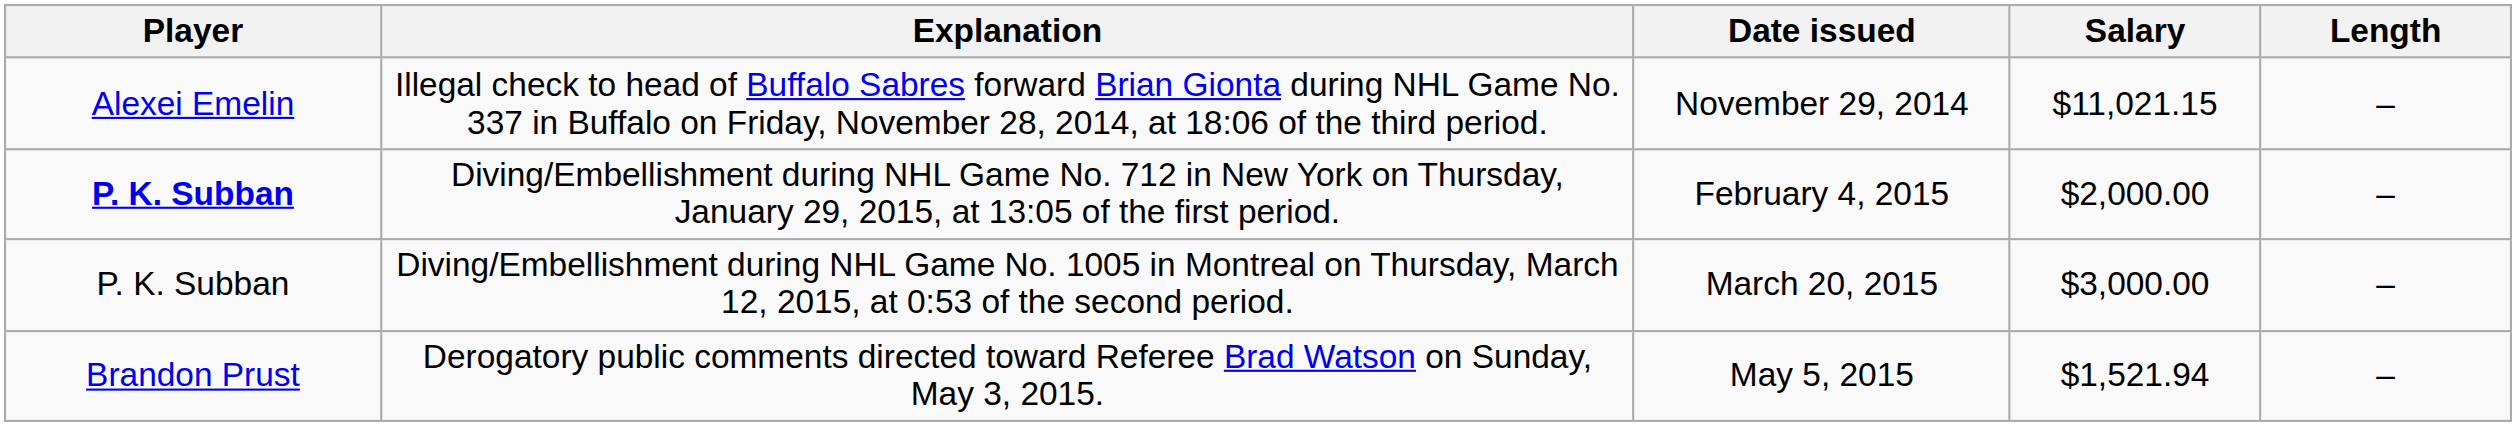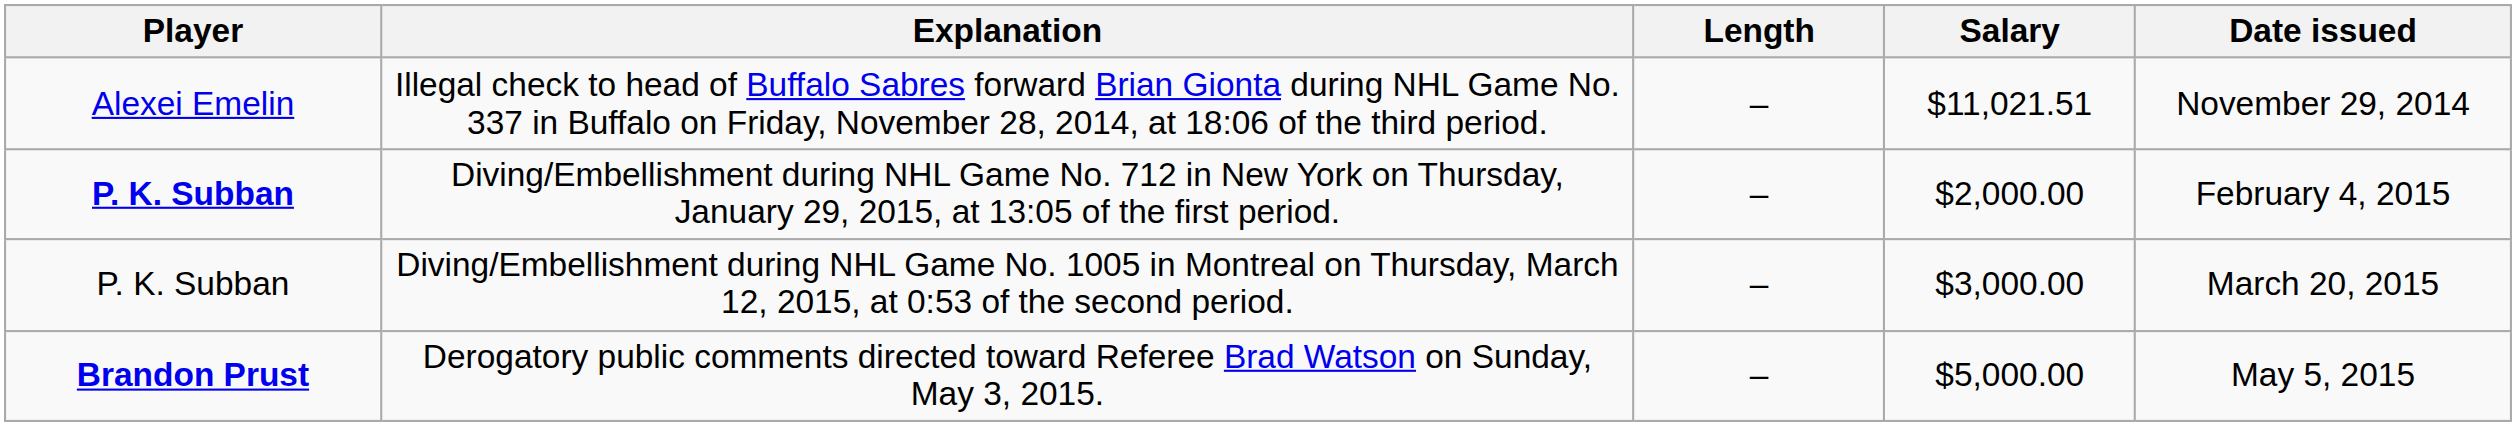 <table class="wikitable" style="width:75em; text-align:center;">
 <tr>
 <th style="width:15%;">Player</th>
 <th style="width:50%;">Explanation</th>
+<th style="width:10%;">Length</th>
+<th style="width:10%;">Salary</th>
 <th style="width:15%;">Date issued</th>
-<th style="width:10%;">Salary</th>
-<th style="width:10%;">Length</th>
 </tr>
 <tr>
 <td><a href='#'>Alexei Emelin</a></td>
 <td>Illegal check to head of <a href='#'>Buffalo Sabres</a> forward <a href='#'>Brian Gionta</a> during NHL Game No. 337 in Buffalo on Friday, November 28, 2014, at 18:06 of the third period.</td>
+<td>–</td>
+<td>$11,021.51</td>
 <td>November 29, 2014</td>
-<td>$11,021.15</td>
-<td>–</td>
 </tr>
 <tr>
 <td><strong><a href='#'>P. K. Subban</a></strong></td>
 <td>Diving/Embellishment during NHL Game No. 712 in New York on Thursday, January 29, 2015, at 13:05 of the first period.</td>
+<td>–</td>
+<td>$2,000.00</td>
 <td>February 4, 2015</td>
-<td>$2,000.00</td>
-<td>–</td>
 </tr>
 <tr>
 <td>P. K. Subban</td>
 <td>Diving/Embellishment during NHL Game No. 1005 in Montreal on Thursday, March 12, 2015, at 0:53 of the second period.</td>
+<td>–</td>
+<td>$3,000.00</td>
 <td>March 20, 2015</td>
-<td>$3,000.00</td>
-<td>–</td>
 </tr>
 <tr>
-<td><a href='#'>Brandon Prust</a></td>
+<td><strong><a href='#'>Brandon Prust</a></strong></td>
 <td>Derogatory public comments directed toward Referee <a href='#'>Brad Watson</a> on Sunday, May 3, 2015.</td>
+<td>–</td>
+<td>$5,000.00</td>
 <td>May 5, 2015</td>
-<td>$1,521.94</td>
-<td>–</td>
 </tr>
 </table>
